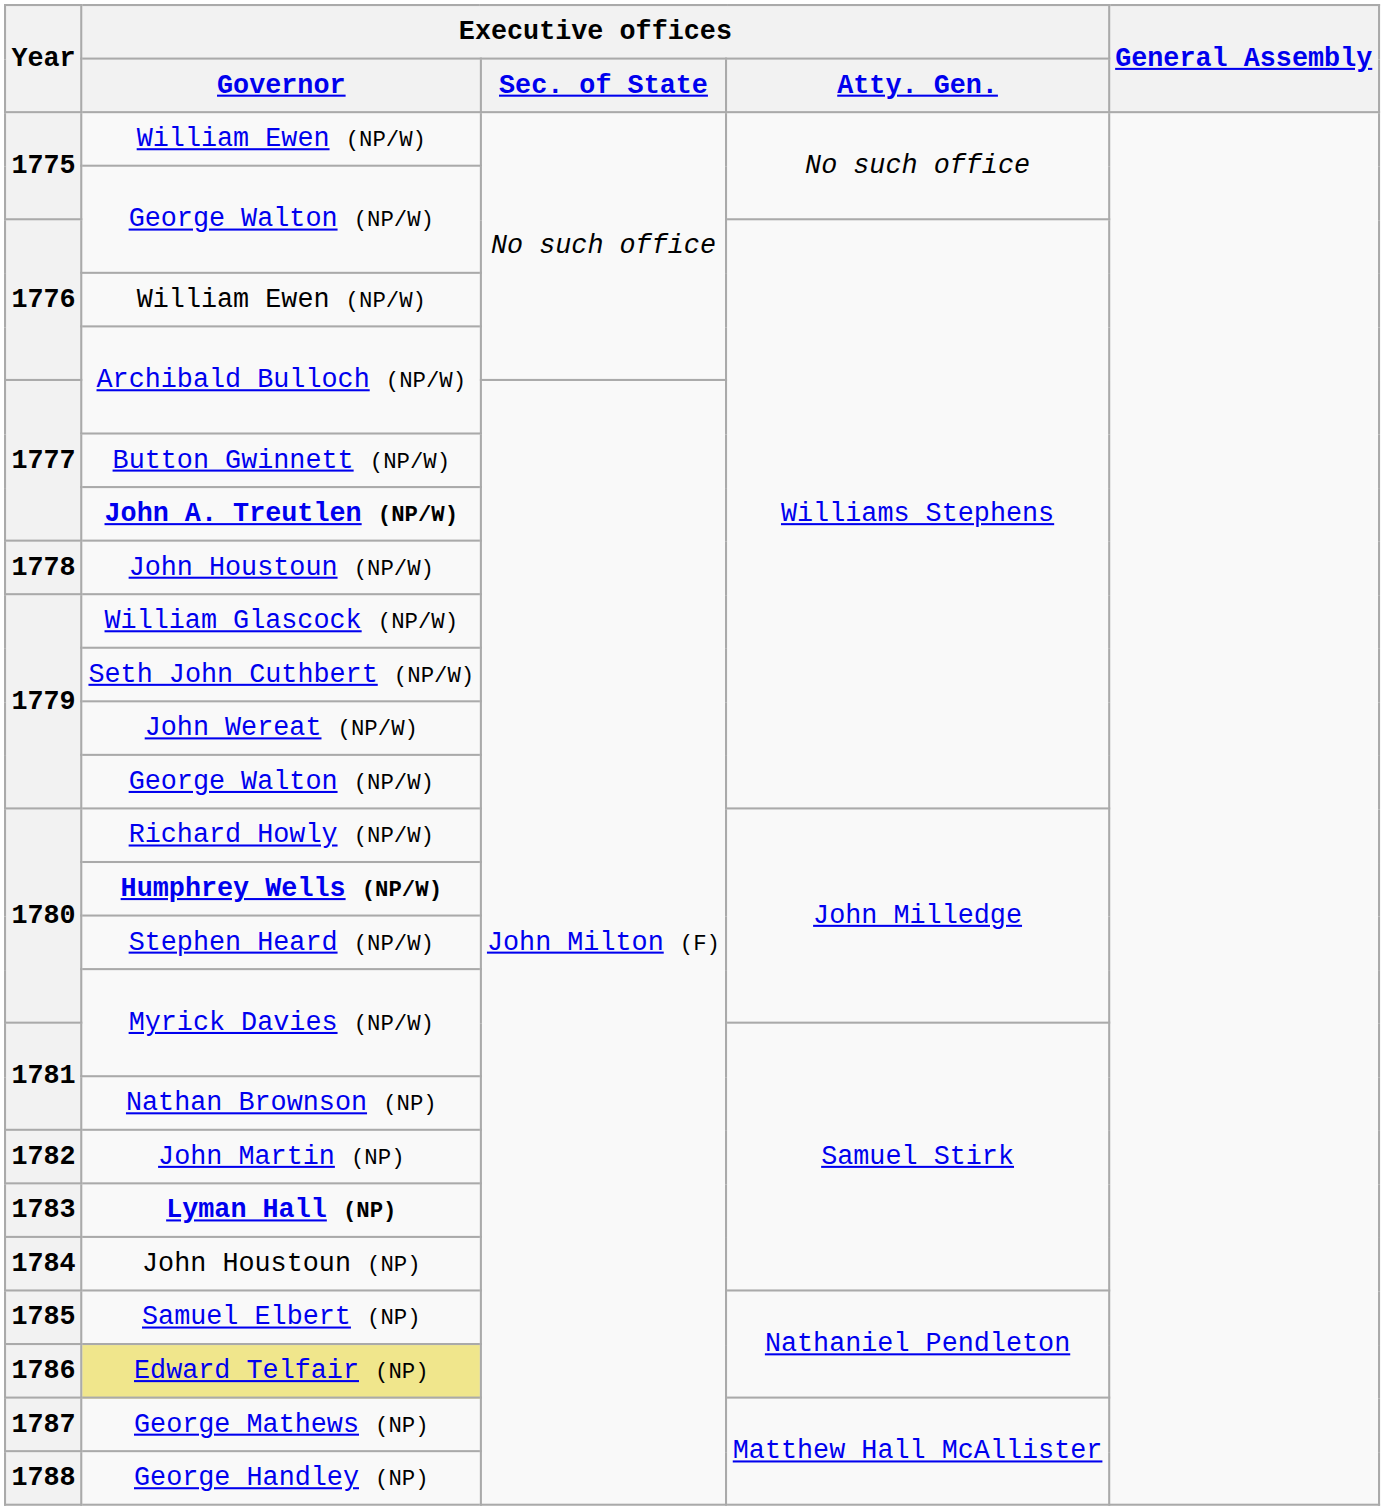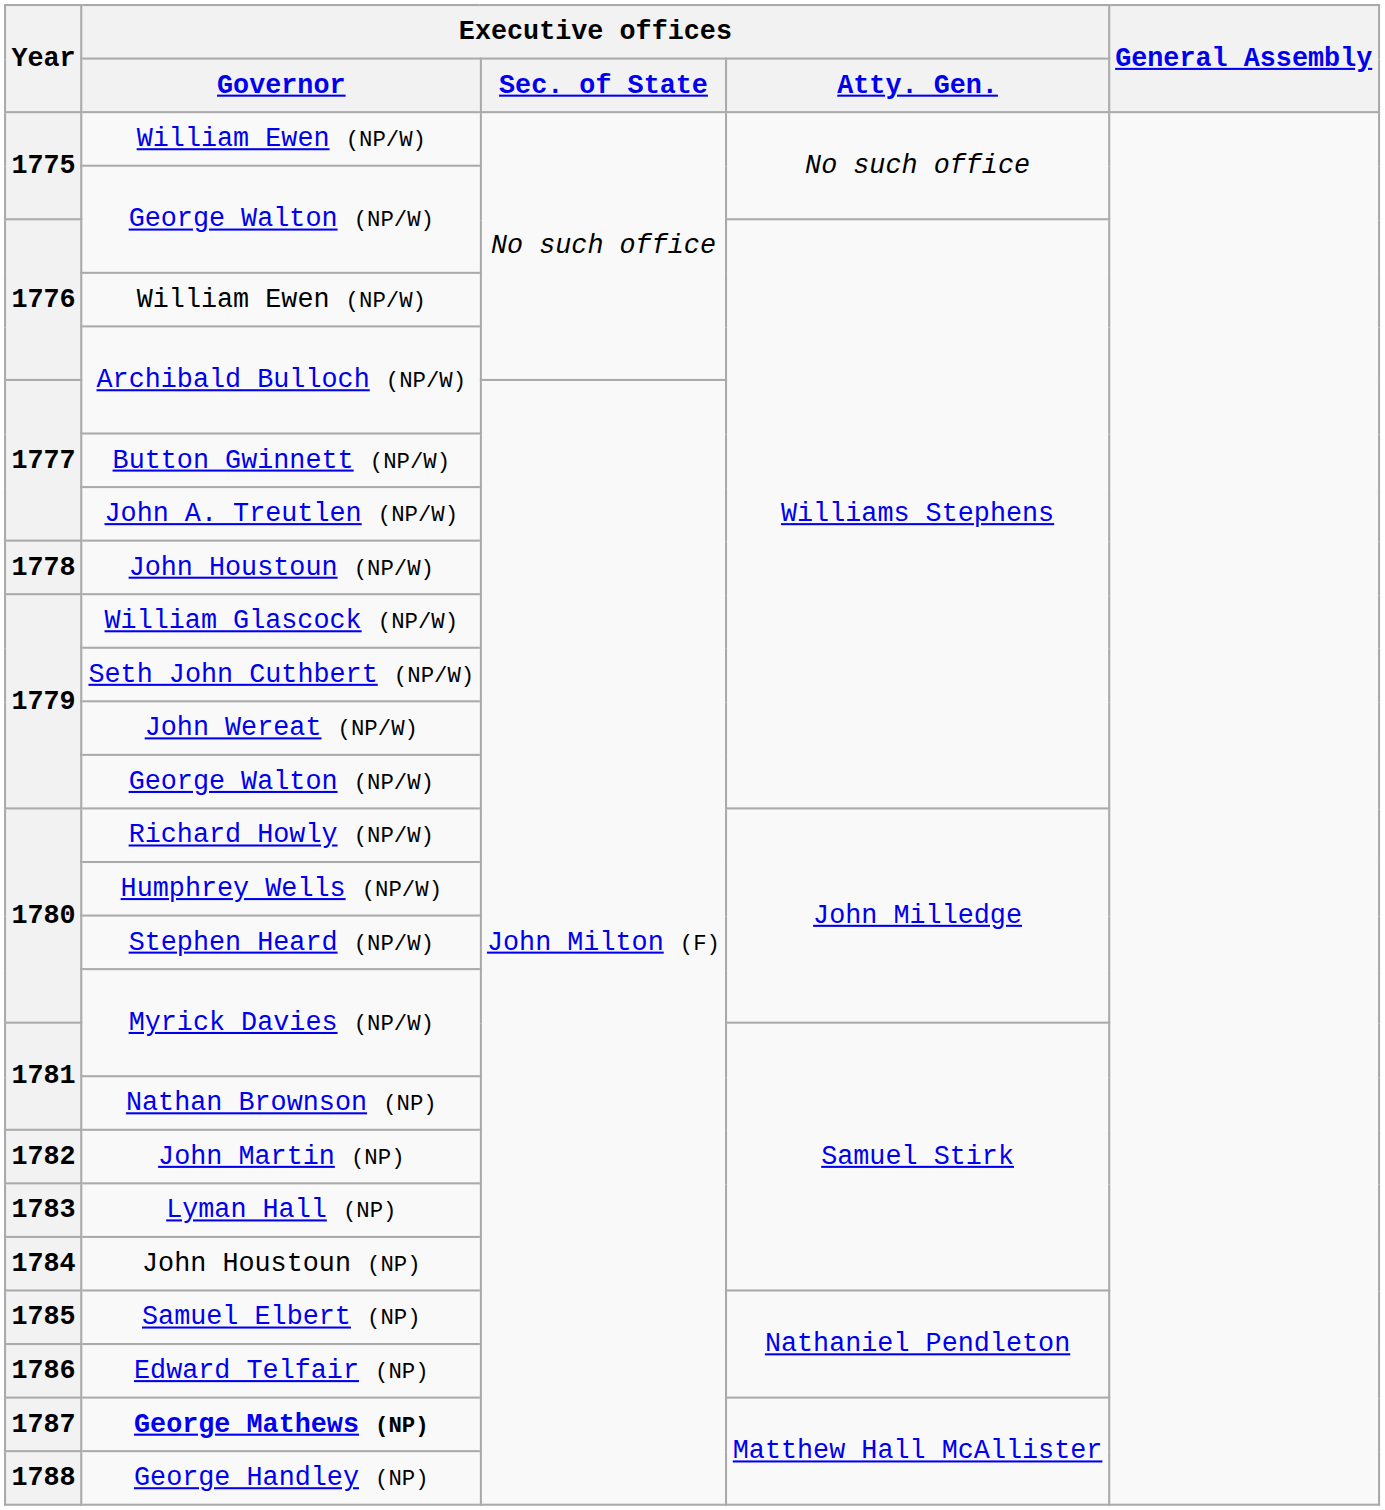 <table class="wikitable sortable sticky-header-multi" style="text-align:center">
 <tr style="height:2em">
 <th rowspan=2 class=unsortable>Year</th>
 <th colspan="3">Executive offices</th>
 <th rowspan=2 class=unsortable><a href='#'>General Assembly</a></th>
 </tr>
 <tr style="height:2em">
 <th class=unsortable><a href='#'>Governor</a></th>
 <th class=unsortable><a href='#'>Sec. of State</a></th>
 <th class=unsortable><a href='#'>Atty. Gen.</a></th>
 </tr>
 <tr style="height:2em">
 <th rowspan=2>1775</th>
 <td><a href='#'>William Ewen</a> <small>(NP/W)</small></td>
 <td rowspan=5><em>No such office</em></td>
 <td rowspan=2><em>No such office</em></td>
 <td rowspan=99></td>
 </tr>
 <tr style="height:2em">
 <td rowspan=2><a href='#'>George Walton</a> <small>(NP/W)</small></td>
 </tr>
 <tr style="height:2em">
 <th rowspan=3>1776</th>
 <td rowspan=11><a href='#'>Williams Stephens</a></td>
 </tr>
 <tr style="height:2em">
 <td>William Ewen <small>(NP/W)</small></td>
 </tr>
 <tr style="height:2em">
 <td rowspan=2><a href='#'>Archibald Bulloch</a> <small>(NP/W)</small></td>
 </tr>
 <tr style="height:2em">
 <th rowspan=3>1777</th>
 <td rowspan=31 ><a href='#'>John Milton</a> <small>(F)</small></td>
 </tr>
 <tr style="height:2em">
 <td><a href='#'>Button Gwinnett</a> <small>(NP/W)</small></td>
 </tr>
 <tr style="height:2em">
-<td><strong><a href='#'>John A. Treutlen</a> <small>(NP/W)</small></strong></td>
+<td><a href='#'>John A. Treutlen</a> <small>(NP/W)</small></td>
 </tr>
 <tr style="height:2em">
 <th>1778</th>
 <td><a href='#'>John Houstoun</a> <small>(NP/W)</small></td>
 </tr>
 <tr style="height:2em">
 <th rowspan=4>1779</th>
 <td><a href='#'>William Glascock</a> <small>(NP/W)</small></td>
 </tr>
 <tr style="height:2em">
 <td><a href='#'>Seth John Cuthbert</a> <small>(NP/W)</small></td>
 </tr>
 <tr style="height:2em">
 <td><a href='#'>John Wereat</a> <small>(NP/W)</small></td>
 </tr>
 <tr style="height:2em">
 <td><a href='#'>George Walton</a> <small>(NP/W)</small></td>
 </tr>
 <tr style="height:2em">
 <th rowspan=4>1780</th>
 <td><a href='#'>Richard Howly</a> <small>(NP/W)</small></td>
 <td rowspan=4><a href='#'>John Milledge</a></td>
 </tr>
 <tr style="height:2em">
-<td><strong><a href='#'>Humphrey Wells</a> <small>(NP/W)</small></strong></td>
+<td><a href='#'>Humphrey Wells</a> <small>(NP/W)</small></td>
 </tr>
 <tr style="height:2em">
 <td><a href='#'>Stephen Heard</a> <small>(NP/W)</small></td>
 </tr>
 <tr style="height:2em">
 <td rowspan=2><a href='#'>Myrick Davies</a> <small>(NP/W)</small></td>
 </tr>
 <tr style="height:2em">
 <th rowspan=2>1781</th>
 <td rowspan=5><a href='#'>Samuel Stirk</a></td>
 </tr>
 <tr style="height:2em">
 <td><a href='#'>Nathan Brownson</a> <small>(NP)</small></td>
 </tr>
 <tr style="height:2em">
 <th>1782</th>
 <td><a href='#'>John Martin</a> <small>(NP)</small></td>
 </tr>
 <tr style="height:2em">
 <th>1783</th>
-<td><strong><a href='#'>Lyman Hall</a> <small>(NP)</small></strong></td>
+<td><a href='#'>Lyman Hall</a> <small>(NP)</small></td>
 </tr>
 <tr style="height:2em">
 <th>1784</th>
 <td>John Houstoun <small>(NP)</small></td>
 </tr>
 <tr style="height:2em">
 <th>1785</th>
 <td><a href='#'>Samuel Elbert</a> <small>(NP)</small></td>
 <td rowspan=2><a href='#'>Nathaniel Pendleton</a></td>
 </tr>
 <tr style="height:2em">
 <th>1786</th>
-<td style="background: khaki;"><a href='#'>Edward Telfair</a> <small>(NP)</small></td>
+<td><a href='#'>Edward Telfair</a> <small>(NP)</small></td>
 </tr>
 <tr style="height:2em">
 <th>1787</th>
-<td><a href='#'>George Mathews</a> <small>(NP)</small></td>
+<td><strong><a href='#'>George Mathews</a> <small>(NP)</small></strong></td>
 <td rowspan="2"><a href='#'>Matthew Hall McAllister</a></td>
 </tr>
 <tr style="height:2em">
 <th>1788</th>
 <td><a href='#'>George Handley</a> <small>(NP)</small></td>
 </tr>
 </table>
